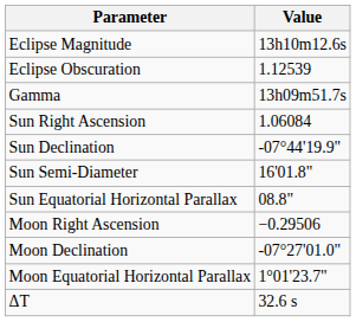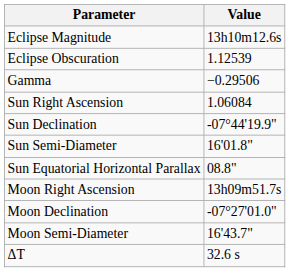 <table class="wikitable">
 <tr>
 <th>Parameter</th>
 <th>Value</th>
 </tr>
 <tr>
 <td>Eclipse Magnitude</td>
 <td>13h10m12.6s</td>
 </tr>
 <tr>
 <td>Eclipse Obscuration</td>
 <td>1.12539</td>
 </tr>
 <tr>
 <td>Gamma</td>
-<td>13h09m51.7s</td>
+<td>−0.29506</td>
 </tr>
 <tr>
 <td>Sun Right Ascension</td>
 <td>1.06084</td>
 </tr>
 <tr>
 <td>Sun Declination</td>
 <td>-07°44'19.9"</td>
 </tr>
 <tr>
 <td>Sun Semi-Diameter</td>
 <td>16'01.8"</td>
 </tr>
 <tr>
 <td>Sun Equatorial Horizontal Parallax</td>
 <td>08.8"</td>
 </tr>
 <tr>
 <td>Moon Right Ascension</td>
-<td>−0.29506</td>
+<td>13h09m51.7s</td>
 </tr>
 <tr>
 <td>Moon Declination</td>
 <td>-07°27'01.0"</td>
 </tr>
 <tr>
-<td>Moon Equatorial Horizontal Parallax</td>
-<td>1°01'23.7"</td>
+<td>Moon Semi-Diameter</td>
+<td>16'43.7"</td>
 </tr>
 <tr>
 <td>ΔT</td>
 <td>32.6 s</td>
 </tr>
 </table>
